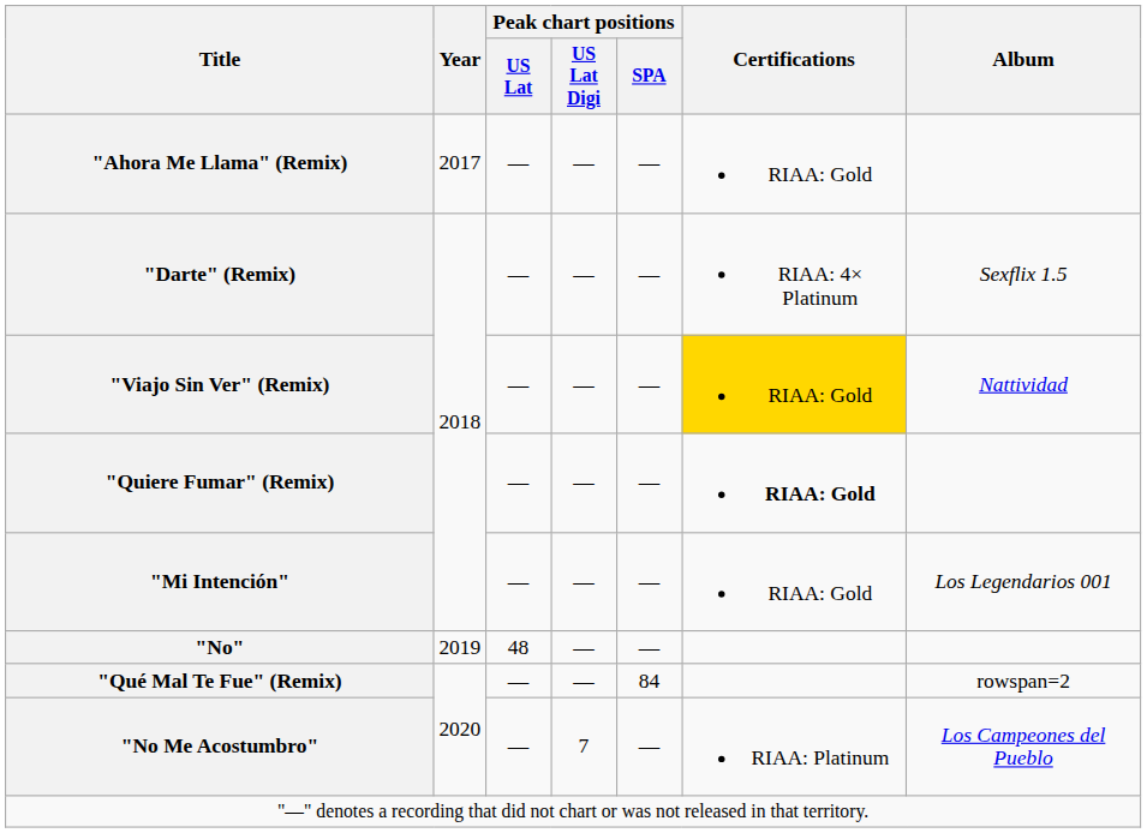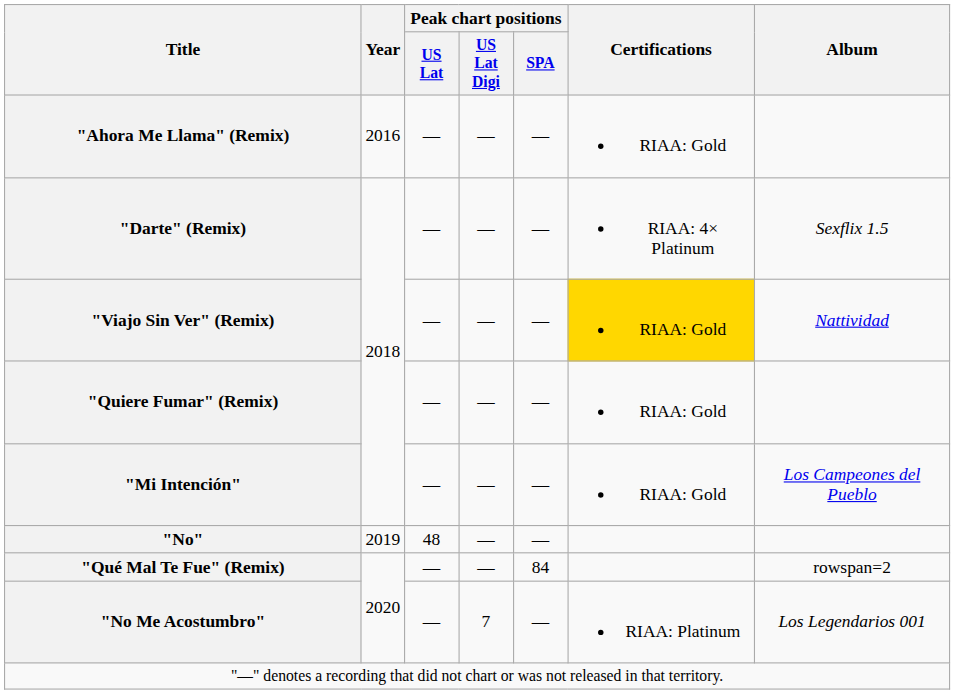 <table class="wikitable plainrowheaders" style="text-align:center;">
 <tr>
 <th scope="col" rowspan="2" style="width:20em;">Title</th>
 <th scope="col" rowspan="2">Year</th>
 <th scope="col" colspan="3">Peak chart positions</th>
 <th scope="col" rowspan="2">Certifications</th>
 <th scope="col" rowspan="2">Album</th>
 </tr>
 <tr>
 <th scope="col" style="width:3em;font-size:90%;"><a href='#'>US<br>Lat</a><br></th>
 <th scope="col" style="width:3em;font-size:90%;"><a href='#'>US<br>Lat<br>Digi</a><br></th>
 <th scope="col" style="width:3em;font-size:90%;"><a href='#'>SPA</a><br></th>
 </tr>
 <tr>
 <th scope="row">"Ahora Me Llama" (Remix)<br></th>
-<td>2017</td>
+<td>2016</td>
 <td>—</td>
 <td>—</td>
 <td>—</td>
 <td><br><ul><li>RIAA: Gold </li></ul></td>
 <td></td>
 </tr>
 <tr>
 <th scope="row">"Darte" (Remix)<br></th>
 <td rowspan=4>2018</td>
 <td>—</td>
 <td>—</td>
 <td>—</td>
 <td><br><ul><li>RIAA: 4× Platinum </li></ul></td>
 <td><em>Sexflix 1.5</em></td>
 </tr>
 <tr>
 <th scope="row">"Viajo Sin Ver" (Remix)<br></th>
 <td>—</td>
 <td>—</td>
 <td>—</td>
 <td style="background: gold;"><br><ul><li>RIAA: Gold </li></ul></td>
 <td><em><a href='#'>Nattividad</a></em></td>
 </tr>
 <tr>
 <th scope="row">"Quiere Fumar" (Remix)<br></th>
 <td>—</td>
 <td>—</td>
 <td>—</td>
-<td><strong><br><ul><li>RIAA: Gold </li></ul></strong></td>
+<td><br><ul><li>RIAA: Gold </li></ul></td>
 </tr>
 <tr>
 <th scope="row">"Mi Intención"<br></th>
 <td>—</td>
 <td>—</td>
 <td>—</td>
 <td><br><ul><li>RIAA: Gold </li></ul></td>
-<td><em>Los Legendarios 001</em></td>
+<td><em><a href='#'>Los Campeones del Pueblo</a></em></td>
 </tr>
 <tr>
 <th scope="row">"No"<br></th>
 <td>2019</td>
 <td>48</td>
 <td>—</td>
 <td>—</td>
 <td></td>
 <td></td>
 </tr>
 <tr>
 <th scope="row">"Qué Mal Te Fue" (Remix)<br></th>
 <td rowspan=2>2020</td>
 <td>—</td>
 <td>—</td>
 <td>84</td>
 <td></td>
 <td>rowspan=2 </td>
 </tr>
 <tr>
 <th scope="row">"No Me Acostumbro"<br></th>
 <td>—</td>
 <td>7</td>
 <td>—</td>
 <td><br><ul><li>RIAA: Platinum </li></ul></td>
-<td><em><a href='#'>Los Campeones del Pueblo</a></em></td>
+<td><em>Los Legendarios 001</em></td>
 </tr>
 <tr>
 <td colspan="15" style="font-size:90%">"—" denotes a recording that did not chart or was not released in that territory.</td>
 </tr>
 </table>
